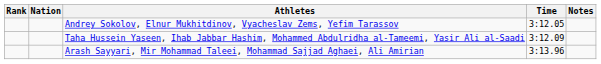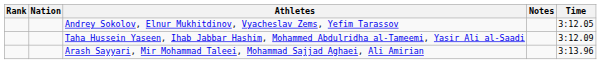 <table class="wikitable sortable" style="text-align:center;font-size:95%">
 <tr>
 <th>Rank</th>
 <th>Nation</th>
 <th>Athletes</th>
+<th>Notes</th>
 <th>Time</th>
-<th>Notes</th>
 </tr>
 <tr>
 <td></td>
 <td align=left></td>
 <td align=left><a href='#'>Andrey Sokolov</a>, <a href='#'>Elnur Mukhitdinov</a>, <a href='#'>Vyacheslav Zems</a>, <a href='#'>Yefim Tarassov</a></td>
+<td></td>
 <td>3:12.05</td>
-<td></td>
 </tr>
 <tr>
 <td></td>
 <td align=left></td>
 <td align=left><a href='#'>Taha Hussein Yaseen</a>, <a href='#'>Ihab Jabbar Hashim</a>, <a href='#'>Mohammed Abdulridha al-Tameemi</a>, <a href='#'>Yasir Ali al-Saadi</a></td>
+<td></td>
 <td>3:12.09</td>
-<td></td>
 </tr>
 <tr>
 <td></td>
 <td align=left></td>
 <td align=left><a href='#'>Arash Sayyari</a>, <a href='#'>Mir Mohammad Taleei</a>, <a href='#'>Mohammad Sajjad Aghaei</a>, <a href='#'>Ali Amirian</a></td>
+<td></td>
 <td>3:13.96</td>
-<td></td>
 </tr>
 </table>
